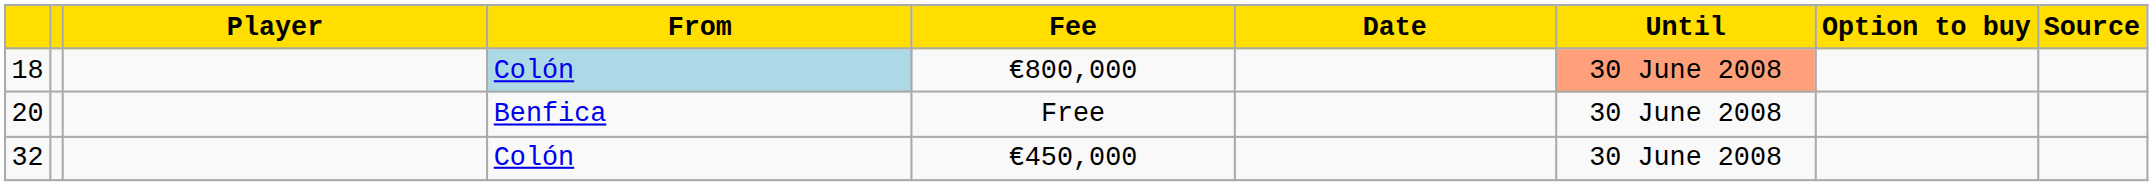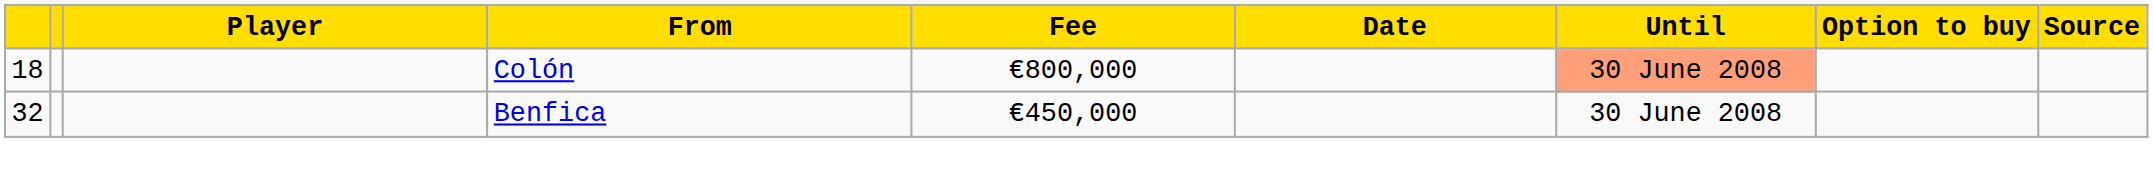 <table class="wikitable sortable">
 <tr>
 <th style="background:#FFDE00"></th>
 <th style="background:#FFDE00"></th>
 <th width=200 style="background:#FFDE00">Player</th>
 <th width=200 style="background:#FFDE00">From</th>
 <th width=150 style="background:#FFDE00">Fee</th>
 <th width=150 style="background:#FFDE00">Date</th>
 <th width=120 style="background:#FFDE00">Until</th>
 <th style="background:#FFDE00">Option to buy</th>
 <th style="background:#FFDE00">Source</th>
 </tr>
 <tr>
 <td align=center>18</td>
 <td align=center></td>
 <td></td>
-<td style="background: lightblue;"> <a href='#'>Colón</a></td>
+<td> <a href='#'>Colón</a></td>
 <td align=center>€800,000</td>
 <td align=center></td>
 <td align=center style="background: lightsalmon;">30 June 2008</td>
 <td align=center></td>
 <td align=center></td>
 </tr>
 <tr>
-<td align=center>20</td>
+<td align=center>32</td>
 <td align=center></td>
 <td></td>
 <td> <a href='#'>Benfica</a></td>
-<td align=center>Free</td>
-<td align=center></td>
-<td align=center>30 June 2008</td>
-<td align=center></td>
-<td align=center></td>
-</tr>
-<tr>
-<td align=center>32</td>
-<td align=center></td>
-<td></td>
-<td> <a href='#'>Colón</a></td>
 <td align=center>€450,000</td>
 <td align=center></td>
 <td align=center>30 June 2008</td>
 <td align=center></td>
 <td align=center></td>
 </tr>
 </table>
